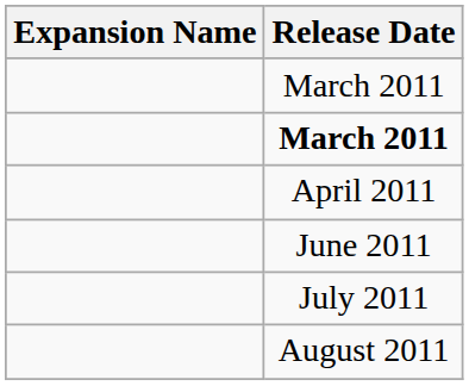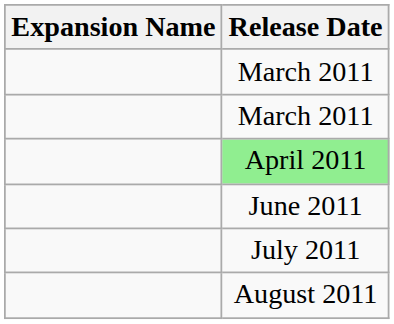 <table class="wikitable" style="text-align:center">
 <tr>
 <th>Expansion Name</th>
 <th>Release Date</th>
 </tr>
 <tr>
 <td></td>
 <td>March 2011</td>
 </tr>
 <tr>
 <td></td>
-<td><strong>March 2011</strong></td>
+<td>March 2011</td>
 </tr>
 <tr>
 <td></td>
-<td>April 2011</td>
+<td style="background: lightgreen;">April 2011</td>
 </tr>
 <tr>
 <td></td>
 <td>June 2011</td>
 </tr>
 <tr>
 <td></td>
 <td>July 2011</td>
 </tr>
 <tr>
 <td></td>
 <td>August 2011</td>
 </tr>
 </table>
